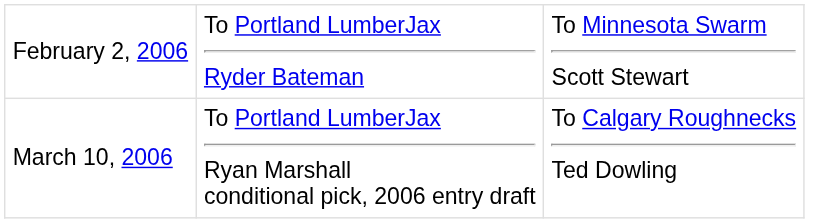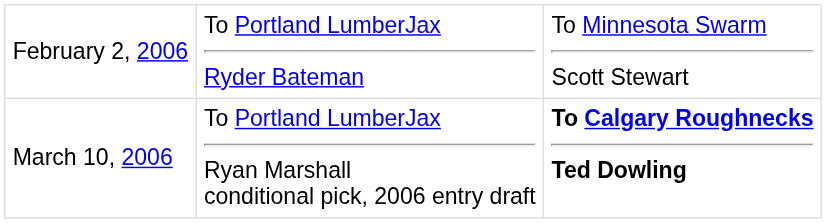 <table border=1 style="border-collapse:collapse" bordercolor="#DFDFDF"  cellpadding="5">
 <tr>
 <td>February 2, <a href='#'>2006</a></td>
 <td valign="top">To <a href='#'>Portland LumberJax</a> <hr><a href='#'>Ryder Bateman</a></td>
 <td valign="top">To <a href='#'>Minnesota Swarm</a> <hr>Scott Stewart</td>
 </tr>
 <tr>
 <td>March 10, <a href='#'>2006</a><br></td>
 <td valign="top">To <a href='#'>Portland LumberJax</a> <hr>Ryan Marshall<br>conditional pick, 2006 entry draft</td>
-<td valign="top">To <a href='#'>Calgary Roughnecks</a> <hr>Ted Dowling</td>
+<td valign="top"><strong>To <a href='#'>Calgary Roughnecks</a> <hr>Ted Dowling</strong></td>
 </tr>
 </table>
